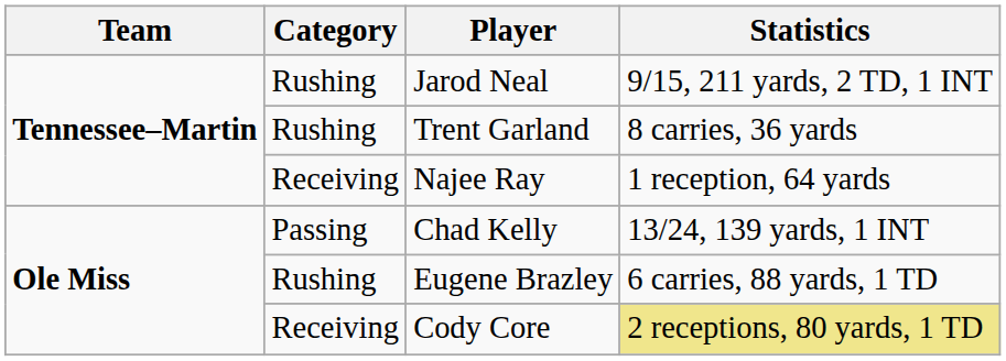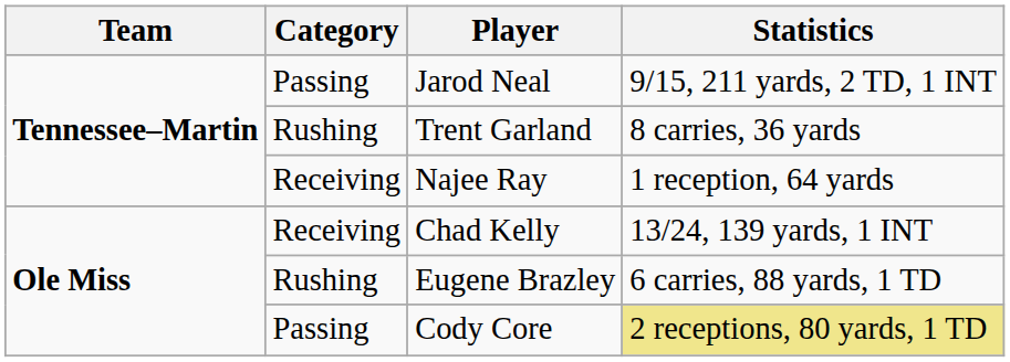 <table class="wikitable" style="float: right;">
 <tr>
 <th>Team</th>
 <th>Category</th>
 <th>Player</th>
 <th>Statistics</th>
 </tr>
 <tr>
 <td rowspan=3><strong>Tennessee–Martin</strong></td>
-<td>Rushing</td>
+<td>Passing</td>
 <td>Jarod Neal</td>
 <td>9/15, 211 yards, 2 TD, 1 INT</td>
 </tr>
 <tr>
 <td>Rushing</td>
 <td>Trent Garland</td>
 <td>8 carries, 36 yards</td>
 </tr>
 <tr>
 <td>Receiving</td>
 <td>Najee Ray</td>
 <td>1 reception, 64 yards</td>
 </tr>
 <tr>
 <td rowspan=3><strong>Ole Miss</strong></td>
-<td>Passing</td>
+<td>Receiving</td>
 <td>Chad Kelly</td>
 <td>13/24, 139 yards, 1 INT</td>
 </tr>
 <tr>
 <td>Rushing</td>
 <td>Eugene Brazley</td>
 <td>6 carries, 88 yards, 1 TD</td>
 </tr>
 <tr>
-<td>Receiving</td>
+<td>Passing</td>
 <td>Cody Core</td>
 <td style="background: khaki;">2 receptions, 80 yards, 1 TD</td>
 </tr>
 </table>
